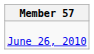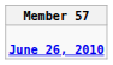 <table class=wikitable align=right>
 <tr>
 <th>Member 57</th>
 </tr>
 <tr>
-<td><br><a href='#'>June 26, 2010</a></td>
+<td><strong><br><a href='#'>June 26, 2010</a></strong></td>
 </tr>
 </table>
